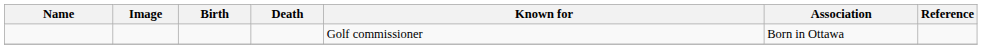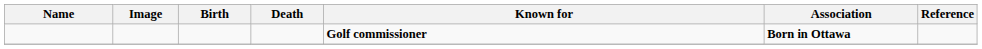 <table class="wikitable sortable">
 <tr>
 <th scope="col" width="140">Name</th>
 <th scope="col" width="80" class="unsortable">Image</th>
 <th scope="col" width="90">Birth</th>
 <th scope="col" width="90">Death</th>
 <th scope="col" width="600" class="unsortable">Known for</th>
 <th scope="col" width="200" class="unsortable">Association</th>
 <th scope="col" width="30" class="unsortable">Reference</th>
 </tr>
 <tr>
 <td></td>
 <td></td>
 <td align=right></td>
 <td></td>
-<td>Golf commissioner</td>
-<td>Born in Ottawa</td>
+<td><strong>Golf commissioner</strong></td>
+<td><strong>Born in Ottawa</strong></td>
 <td align="center"></td>
 </tr>
 <tr>
 </tr>
 </table>
